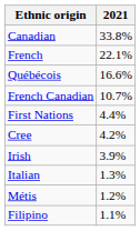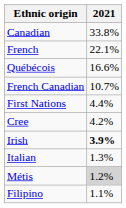 <table class="wikitable" style="float:left;">
 <tr>
 <th>Ethnic origin</th>
 <th>2021</th>
 </tr>
 <tr>
 <td><a href='#'>Canadian</a></td>
 <td>33.8%</td>
 </tr>
 <tr>
 <td><a href='#'>French</a></td>
 <td>22.1%</td>
 </tr>
 <tr>
 <td><a href='#'>Québécois</a></td>
 <td>16.6%</td>
 </tr>
 <tr>
 <td><a href='#'>French Canadian</a></td>
 <td>10.7%</td>
 </tr>
 <tr>
 <td><a href='#'>First Nations</a></td>
 <td>4.4%</td>
 </tr>
 <tr>
 <td><a href='#'>Cree</a></td>
 <td>4.2%</td>
 </tr>
 <tr>
 <td><a href='#'>Irish</a></td>
-<td>3.9%</td>
+<td><strong>3.9%</strong></td>
 </tr>
 <tr>
 <td><a href='#'>Italian</a></td>
 <td>1.3%</td>
 </tr>
 <tr>
 <td><a href='#'>Métis</a></td>
-<td>1.2%</td>
+<td style="background: lightgrey;">1.2%</td>
 </tr>
 <tr>
 <td><a href='#'>Filipino</a></td>
 <td>1.1%</td>
 </tr>
 </table>
